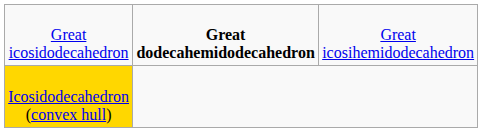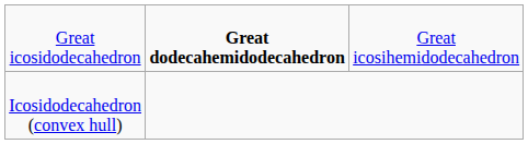 <table class="wikitable" width="400" style="vertical-align:top;text-align:center">
 <tr>
 <td align=center><br><a href='#'>Great icosidodecahedron</a></td>
 <td align=center><br><strong>Great dodecahemidodecahedron</strong></td>
 <td align=center><br><a href='#'>Great icosihemidodecahedron</a></td>
 </tr>
 <tr>
-<td align=center style="background: gold;"><br><a href='#'>Icosidodecahedron</a> (<a href='#'>convex hull</a>)</td>
+<td align=center><br><a href='#'>Icosidodecahedron</a> (<a href='#'>convex hull</a>)</td>
 </tr>
 </table>
